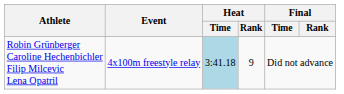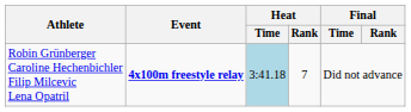 <table class=wikitable style="font-size:90%">
 <tr>
 <th rowspan="2">Athlete</th>
 <th rowspan="2">Event</th>
 <th colspan="2">Heat</th>
 <th colspan="2">Final</th>
 </tr>
 <tr style="font-size:95%">
 <th>Time</th>
 <th>Rank</th>
 <th>Time</th>
 <th>Rank</th>
 </tr>
 <tr align=center>
 <td align=left><a href='#'>Robin Grünberger</a><br><a href='#'>Caroline Hechenbichler</a><br><a href='#'>Filip Milcevic</a><br><a href='#'>Lena Opatril</a></td>
-<td align=left><a href='#'>4x100m freestyle relay</a></td>
+<td align=left><strong><a href='#'>4x100m freestyle relay</a></strong></td>
 <td style="background: lightblue;">3:41.18</td>
-<td>9</td>
+<td>7</td>
 <td colspan=2>Did not advance</td>
 </tr>
 </table>
